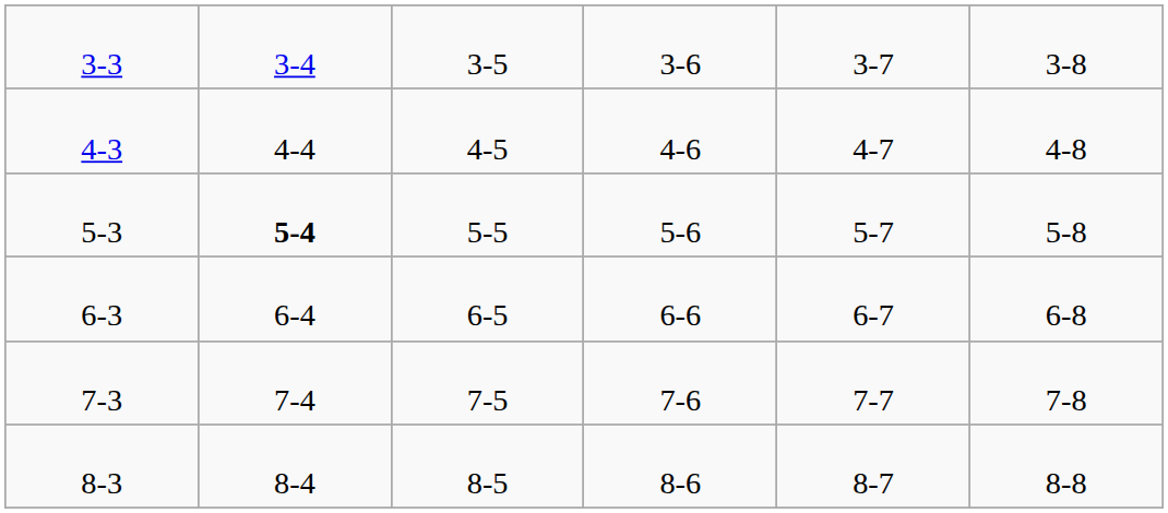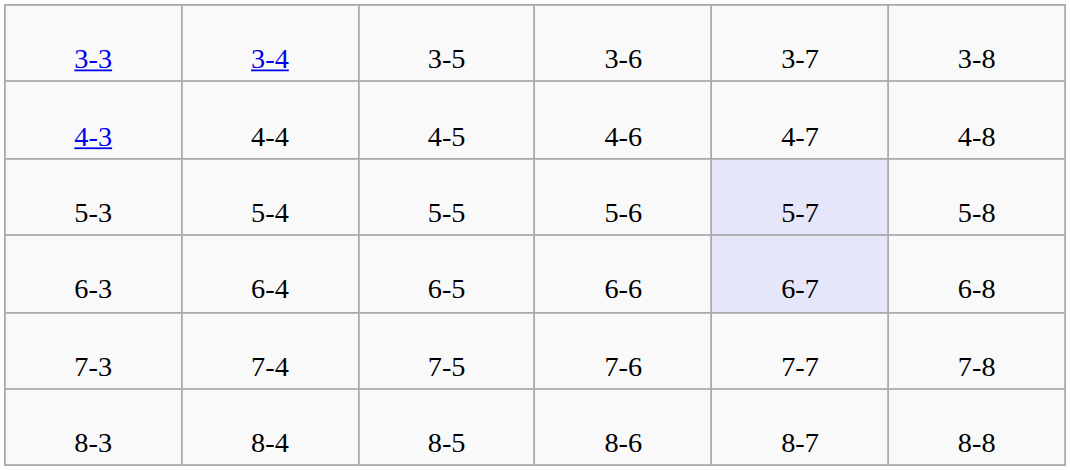 <table class="wikitable" width=600px>
 <tr align=center>
 <td><br><a href='#'>3-3</a></td>
 <td><br><a href='#'>3-4</a></td>
 <td><br>3-5</td>
 <td><br>3-6</td>
 <td><br>3-7</td>
 <td><br>3-8</td>
 </tr>
 <tr align=center>
 <td><br><a href='#'>4-3</a></td>
 <td><br>4-4</td>
 <td><br>4-5</td>
 <td><br>4-6</td>
 <td><br>4-7</td>
 <td><br>4-8</td>
 </tr>
 <tr align=center>
 <td><br>5-3</td>
-<td><strong><br>5-4</strong></td>
+<td><br>5-4</td>
 <td><br>5-5</td>
 <td><br>5-6</td>
-<td><br>5-7</td>
+<td style="background: lavender;"><br>5-7</td>
 <td><br>5-8</td>
 </tr>
 <tr align=center>
 <td><br>6-3</td>
 <td><br>6-4</td>
 <td><br>6-5</td>
 <td><br>6-6</td>
-<td><br>6-7</td>
+<td style="background: lavender;"><br>6-7</td>
 <td><br>6-8</td>
 </tr>
 <tr align=center>
 <td><br>7-3</td>
 <td><br>7-4</td>
 <td><br>7-5</td>
 <td><br>7-6</td>
 <td><br>7-7</td>
 <td><br>7-8</td>
 </tr>
 <tr align=center>
 <td><br>8-3</td>
 <td><br>8-4</td>
 <td><br>8-5</td>
 <td><br>8-6</td>
 <td><br>8-7</td>
 <td><br>8-8</td>
 </tr>
 </table>
